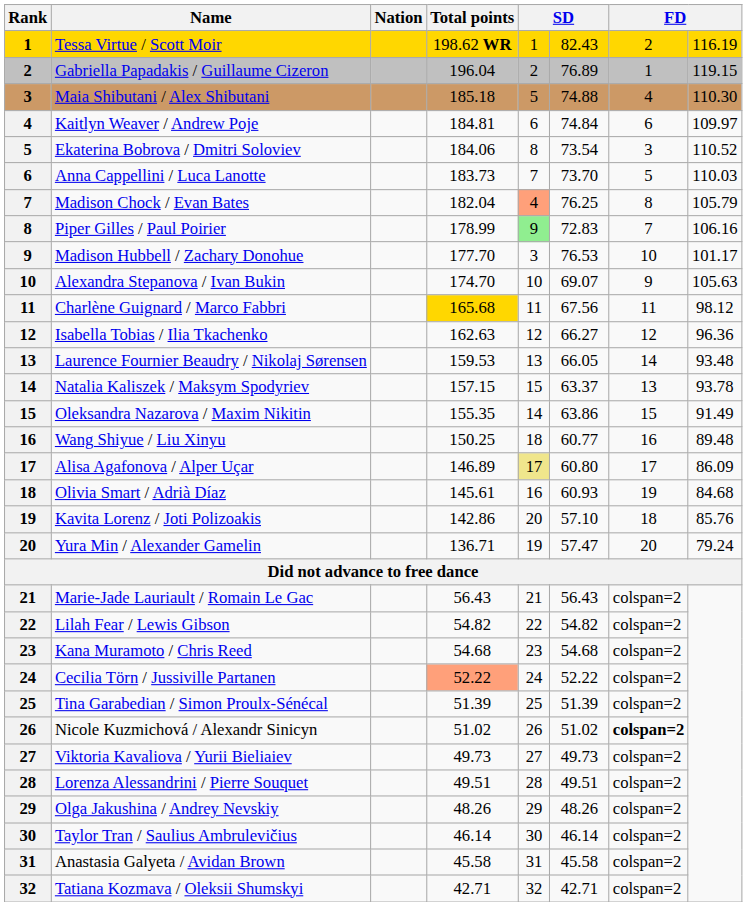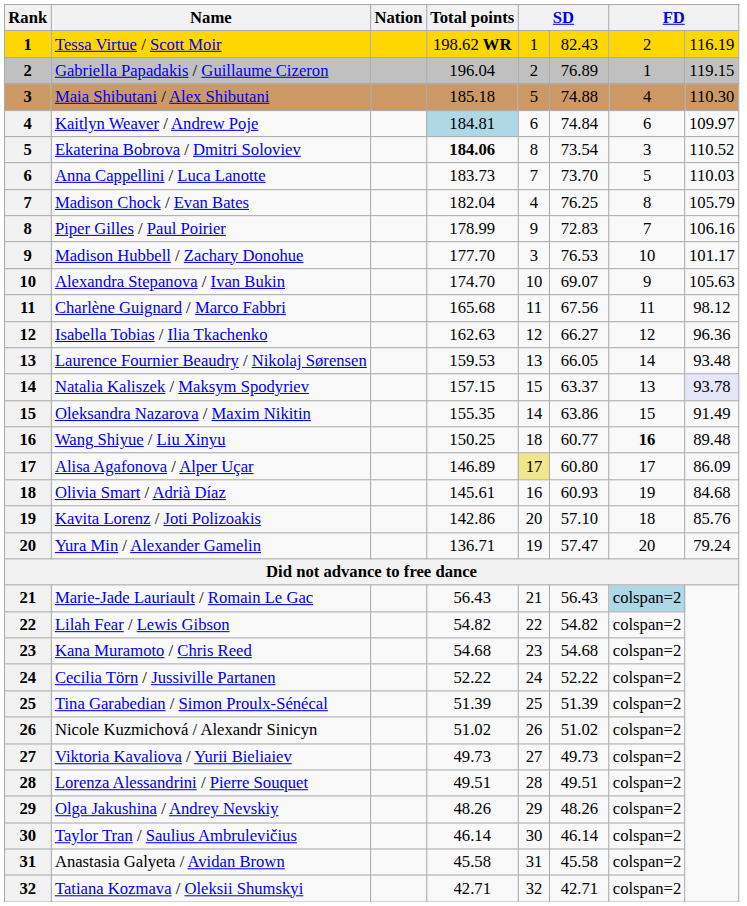 <table class="wikitable sortable">
 <tr>
 <th>Rank</th>
 <th>Name</th>
 <th>Nation</th>
 <th>Total points</th>
 <th colspan="2" width="80px"><a href='#'>SD</a></th>
 <th colspan="2" width="80px"><a href='#'>FD</a></th>
 </tr>
 <tr bgcolor="gold">
 <td align="center"><strong>1</strong></td>
 <td><a href='#'>Tessa Virtue</a> / <a href='#'>Scott Moir</a></td>
 <td></td>
 <td align="center">198.62 <strong>WR</strong></td>
 <td align="center">1</td>
 <td align="center">82.43</td>
 <td align="center">2</td>
 <td align="center">116.19</td>
 </tr>
 <tr bgcolor="silver">
 <td align="center"><strong>2</strong></td>
 <td><a href='#'>Gabriella Papadakis</a> / <a href='#'>Guillaume Cizeron</a></td>
 <td></td>
 <td align="center">196.04</td>
 <td align="center">2</td>
 <td align="center">76.89</td>
 <td align="center">1</td>
 <td align="center">119.15</td>
 </tr>
 <tr bgcolor="#cc9966">
 <td align="center"><strong>3</strong></td>
 <td><a href='#'>Maia Shibutani</a> / <a href='#'>Alex Shibutani</a></td>
 <td></td>
 <td align="center">185.18</td>
 <td align="center">5</td>
 <td align="center">74.88</td>
 <td align="center">4</td>
 <td align="center">110.30</td>
 </tr>
 <tr>
 <th>4</th>
 <td><a href='#'>Kaitlyn Weaver</a> / <a href='#'>Andrew Poje</a></td>
 <td></td>
-<td align="center">184.81</td>
+<td align="center" style="background: lightblue;">184.81</td>
 <td align="center">6</td>
 <td align="center">74.84</td>
 <td align="center">6</td>
 <td align="center">109.97</td>
 </tr>
 <tr>
 <th>5</th>
 <td><a href='#'>Ekaterina Bobrova</a> / <a href='#'>Dmitri Soloviev</a></td>
 <td></td>
-<td align="center">184.06</td>
+<td align="center"><strong>184.06</strong></td>
 <td align="center">8</td>
 <td align="center">73.54</td>
 <td align="center">3</td>
 <td align="center">110.52</td>
 </tr>
 <tr>
 <th>6</th>
 <td><a href='#'>Anna Cappellini</a> / <a href='#'>Luca Lanotte</a></td>
 <td></td>
 <td align="center">183.73</td>
 <td align="center">7</td>
 <td align="center">73.70</td>
 <td align="center">5</td>
 <td align="center">110.03</td>
 </tr>
 <tr>
 <th>7</th>
 <td><a href='#'>Madison Chock</a> / <a href='#'>Evan Bates</a></td>
 <td></td>
 <td align="center">182.04</td>
-<td align="center" style="background: lightsalmon;">4</td>
+<td align="center">4</td>
 <td align="center">76.25</td>
 <td align="center">8</td>
 <td align="center">105.79</td>
 </tr>
 <tr>
 <th>8</th>
 <td><a href='#'>Piper Gilles</a> / <a href='#'>Paul Poirier</a></td>
 <td></td>
 <td align="center">178.99</td>
-<td align="center" style="background: lightgreen;">9</td>
+<td align="center">9</td>
 <td align="center">72.83</td>
 <td align="center">7</td>
 <td align="center">106.16</td>
 </tr>
 <tr>
 <th>9</th>
 <td><a href='#'>Madison Hubbell</a> / <a href='#'>Zachary Donohue</a></td>
 <td></td>
 <td align="center">177.70</td>
 <td align="center">3</td>
 <td align="center">76.53</td>
 <td align="center">10</td>
 <td align="center">101.17</td>
 </tr>
 <tr>
 <th>10</th>
 <td><a href='#'>Alexandra Stepanova</a> / <a href='#'>Ivan Bukin</a></td>
 <td></td>
 <td align="center">174.70</td>
 <td align="center">10</td>
 <td align="center">69.07</td>
 <td align="center">9</td>
 <td align="center">105.63</td>
 </tr>
 <tr>
 <th>11</th>
 <td><a href='#'>Charlène Guignard</a> / <a href='#'>Marco Fabbri</a></td>
 <td></td>
-<td align="center" style="background: gold;">165.68</td>
+<td align="center">165.68</td>
 <td align="center">11</td>
 <td align="center">67.56</td>
 <td align="center">11</td>
 <td align="center">98.12</td>
 </tr>
 <tr>
 <th>12</th>
 <td><a href='#'>Isabella Tobias</a> / <a href='#'>Ilia Tkachenko</a></td>
 <td></td>
 <td align="center">162.63</td>
 <td align="center">12</td>
 <td align="center">66.27</td>
 <td align="center">12</td>
 <td align="center">96.36</td>
 </tr>
 <tr>
 <th>13</th>
 <td><a href='#'>Laurence Fournier Beaudry</a> / <a href='#'>Nikolaj Sørensen</a></td>
 <td></td>
 <td align="center">159.53</td>
 <td align="center">13</td>
 <td align="center">66.05</td>
 <td align="center">14</td>
 <td align="center">93.48</td>
 </tr>
 <tr>
 <th>14</th>
 <td><a href='#'>Natalia Kaliszek</a> / <a href='#'>Maksym Spodyriev</a></td>
 <td></td>
 <td align="center">157.15</td>
 <td align="center">15</td>
 <td align="center">63.37</td>
 <td align="center">13</td>
-<td align="center">93.78</td>
+<td align="center" style="background: lavender;">93.78</td>
 </tr>
 <tr>
 <th>15</th>
 <td><a href='#'>Oleksandra Nazarova</a> / <a href='#'>Maxim Nikitin</a></td>
 <td></td>
 <td align="center">155.35</td>
 <td align="center">14</td>
 <td align="center">63.86</td>
 <td align="center">15</td>
 <td align="center">91.49</td>
 </tr>
 <tr>
 <th>16</th>
 <td><a href='#'>Wang Shiyue</a> / <a href='#'>Liu Xinyu</a></td>
 <td></td>
 <td align="center">150.25</td>
 <td align="center">18</td>
 <td align="center">60.77</td>
-<td align="center">16</td>
+<td align="center"><strong>16</strong></td>
 <td align="center">89.48</td>
 </tr>
 <tr>
 <th>17</th>
 <td><a href='#'>Alisa Agafonova</a> / <a href='#'>Alper Uçar</a></td>
 <td></td>
 <td align="center">146.89</td>
 <td align="center" style="background: khaki;">17</td>
 <td align="center">60.80</td>
 <td align="center">17</td>
 <td align="center">86.09</td>
 </tr>
 <tr>
 <th>18</th>
 <td><a href='#'>Olivia Smart</a> / <a href='#'>Adrià Díaz</a></td>
 <td></td>
 <td align="center">145.61</td>
 <td align="center">16</td>
 <td align="center">60.93</td>
 <td align="center">19</td>
 <td align="center">84.68</td>
 </tr>
 <tr>
 <th>19</th>
 <td><a href='#'>Kavita Lorenz</a> / <a href='#'>Joti Polizoakis</a></td>
 <td></td>
 <td align="center">142.86</td>
 <td align="center">20</td>
 <td align="center">57.10</td>
 <td align="center">18</td>
 <td align="center">85.76</td>
 </tr>
 <tr>
 <th>20</th>
 <td><a href='#'>Yura Min</a> / <a href='#'>Alexander Gamelin</a></td>
 <td></td>
 <td align="center">136.71</td>
 <td align="center">19</td>
 <td align="center">57.47</td>
 <td align="center">20</td>
 <td align="center">79.24</td>
 </tr>
 <tr>
 <th colspan=8>Did not advance to free dance</th>
 </tr>
 <tr>
 <th>21</th>
 <td><a href='#'>Marie-Jade Lauriault</a> / <a href='#'>Romain Le Gac</a></td>
 <td></td>
 <td align="center">56.43</td>
 <td align="center">21</td>
 <td align="center">56.43</td>
-<td>colspan=2 </td>
+<td style="background: lightblue;">colspan=2 </td>
 </tr>
 <tr>
 <th>22</th>
 <td><a href='#'>Lilah Fear</a> / <a href='#'>Lewis Gibson</a></td>
 <td></td>
 <td align="center">54.82</td>
 <td align="center">22</td>
 <td align="center">54.82</td>
 <td>colspan=2 </td>
 </tr>
 <tr>
 <th>23</th>
 <td><a href='#'>Kana Muramoto</a> / <a href='#'>Chris Reed</a></td>
 <td></td>
 <td align="center">54.68</td>
 <td align="center">23</td>
 <td align="center">54.68</td>
 <td>colspan=2 </td>
 </tr>
 <tr>
 <th>24</th>
 <td><a href='#'>Cecilia Törn</a> / <a href='#'>Jussiville Partanen</a></td>
 <td></td>
-<td align="center" style="background: lightsalmon;">52.22</td>
+<td align="center">52.22</td>
 <td align="center">24</td>
 <td align="center">52.22</td>
 <td>colspan=2 </td>
 </tr>
 <tr>
 <th>25</th>
 <td><a href='#'>Tina Garabedian</a> / <a href='#'>Simon Proulx-Sénécal</a></td>
 <td></td>
 <td align="center">51.39</td>
 <td align="center">25</td>
 <td align="center">51.39</td>
 <td>colspan=2 </td>
 </tr>
 <tr>
 <th>26</th>
 <td>Nicole Kuzmichová / Alexandr Sinicyn</td>
 <td></td>
 <td align="center">51.02</td>
 <td align="center">26</td>
 <td align="center">51.02</td>
-<td><strong>colspan=2 </strong></td>
+<td>colspan=2 </td>
 </tr>
 <tr>
 <th>27</th>
 <td><a href='#'>Viktoria Kavaliova</a> / <a href='#'>Yurii Bieliaiev</a></td>
 <td></td>
 <td align="center">49.73</td>
 <td align="center">27</td>
 <td align="center">49.73</td>
 <td>colspan=2 </td>
 </tr>
 <tr>
 <th>28</th>
 <td><a href='#'>Lorenza Alessandrini</a> / <a href='#'>Pierre Souquet</a></td>
 <td></td>
 <td align="center">49.51</td>
 <td align="center">28</td>
 <td align="center">49.51</td>
 <td>colspan=2 </td>
 </tr>
 <tr>
 <th>29</th>
 <td><a href='#'>Olga Jakushina</a> / <a href='#'>Andrey Nevskiy</a></td>
 <td></td>
 <td align="center">48.26</td>
 <td align="center">29</td>
 <td align="center">48.26</td>
 <td>colspan=2 </td>
 </tr>
 <tr>
 <th>30</th>
 <td><a href='#'>Taylor Tran</a> / <a href='#'>Saulius Ambrulevičius</a></td>
 <td></td>
 <td align="center">46.14</td>
 <td align="center">30</td>
 <td align="center">46.14</td>
 <td>colspan=2 </td>
 </tr>
 <tr>
 <th>31</th>
 <td>Anastasia Galyeta / <a href='#'>Avidan Brown</a></td>
 <td></td>
 <td align="center">45.58</td>
 <td align="center">31</td>
 <td align="center">45.58</td>
 <td>colspan=2 </td>
 </tr>
 <tr>
 <th>32</th>
 <td><a href='#'>Tatiana Kozmava</a> / <a href='#'>Oleksii Shumskyi</a></td>
 <td></td>
 <td align="center">42.71</td>
 <td align="center">32</td>
 <td align="center">42.71</td>
 <td>colspan=2 </td>
 </tr>
 </table>
